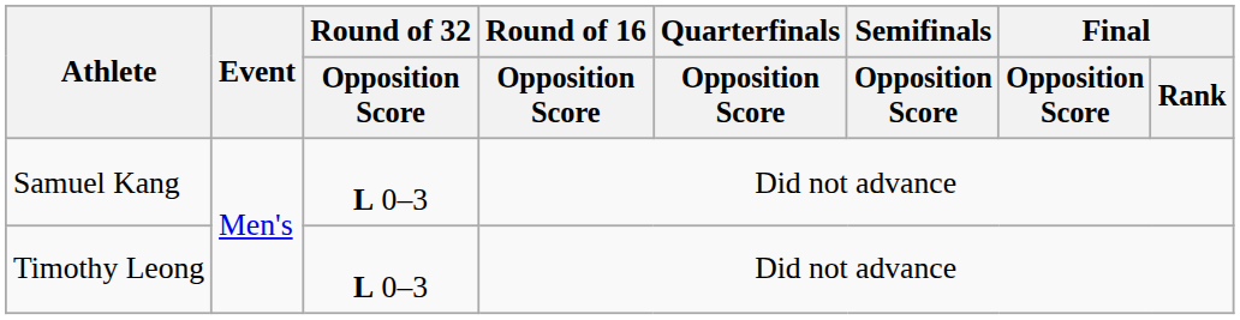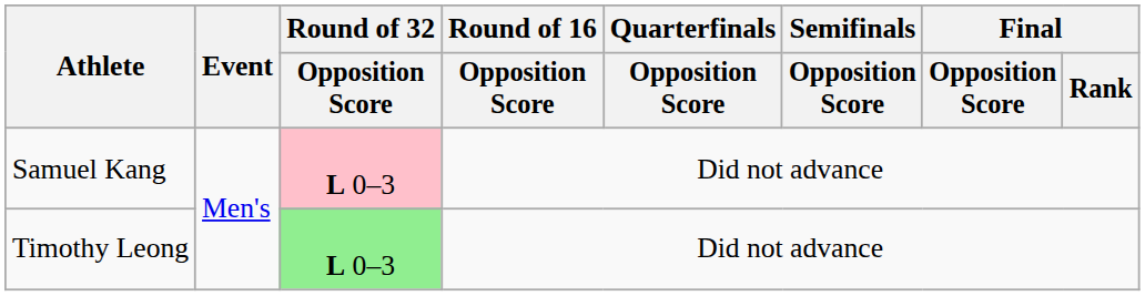 <table class=wikitable style="font-size:90%; text-align:center;">
 <tr>
 <th rowspan="2">Athlete</th>
 <th rowspan="2">Event</th>
 <th>Round of 32</th>
 <th>Round of 16</th>
 <th>Quarterfinals</th>
 <th>Semifinals</th>
 <th colspan=2>Final</th>
 </tr>
 <tr style="font-size:95%">
 <th>Opposition<br>Score</th>
 <th>Opposition<br>Score</th>
 <th>Opposition<br>Score</th>
 <th>Opposition<br>Score</th>
 <th>Opposition<br>Score</th>
 <th>Rank</th>
 </tr>
 <tr>
 <td align=left>Samuel Kang</td>
 <td align=left rowspan=2><a href='#'>Men's</a></td>
-<td><br><strong>L</strong> 0–3</td>
+<td style="background: pink;"><br><strong>L</strong> 0–3</td>
 <td colspan=5>Did not advance</td>
 </tr>
 <tr>
 <td align=left>Timothy Leong</td>
-<td><br><strong>L</strong> 0–3</td>
+<td style="background: lightgreen;"><br><strong>L</strong> 0–3</td>
 <td colspan=5>Did not advance</td>
 </tr>
 </table>
